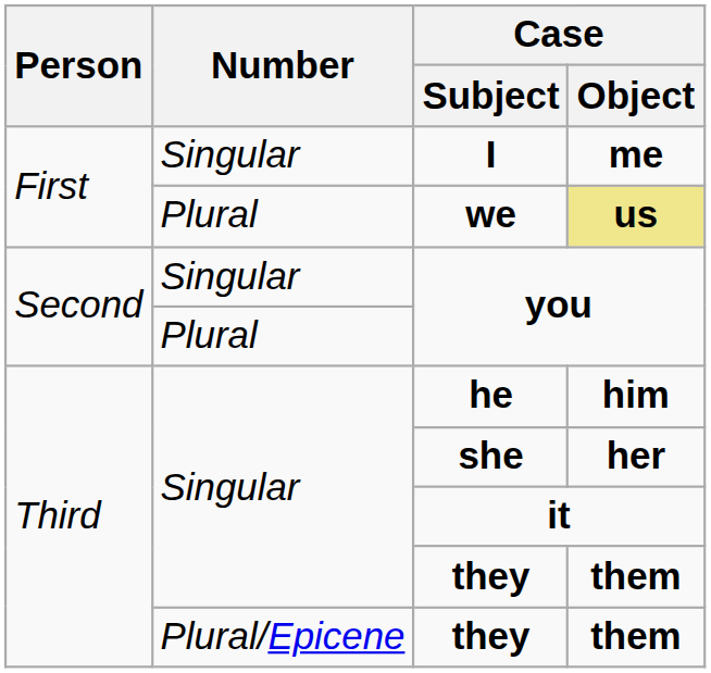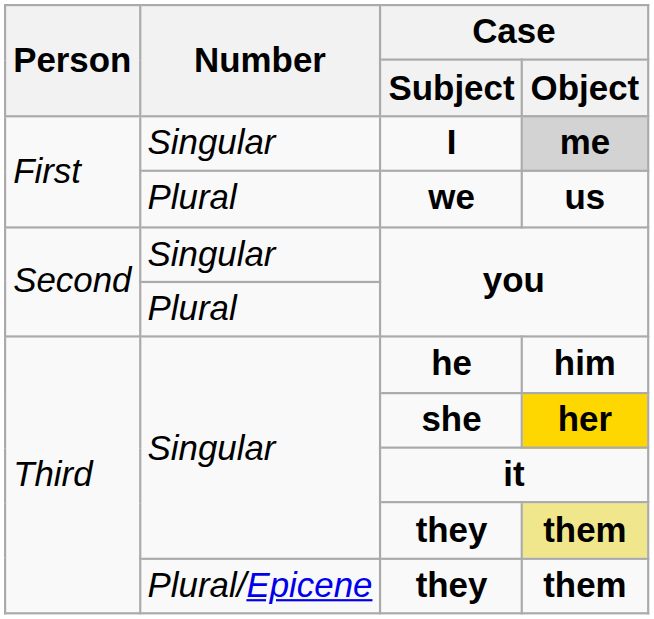 <table class="wikitable floatright" border="1">
 <tr>
 <th rowspan="2">Person</th>
 <th rowspan="2">Number</th>
 <th colspan="2">Case</th>
 </tr>
 <tr>
 <th>Subject</th>
 <th>Object</th>
 </tr>
 <tr>
 <td rowspan="2"><em>First</em></td>
 <td><em>Singular</em></td>
 <td style="text-align: center;"><strong>I</strong></td>
-<td style="text-align: center;"><strong>me</strong></td>
+<td style="background: lightgrey; text-align: center;"><strong>me</strong></td>
 </tr>
 <tr>
 <td><em>Plural</em></td>
 <td style="text-align: center;"><strong>we</strong></td>
-<td style="background: khaki; text-align: center;"><strong>us</strong></td>
+<td style="text-align: center;"><strong>us</strong></td>
 </tr>
 <tr>
 <td rowspan="2"><em>Second</em></td>
 <td><em>Singular</em></td>
 <td colspan="2" rowspan="2" style="text-align: center;"><strong>you</strong></td>
 </tr>
 <tr>
 <td><em>Plural</em></td>
 </tr>
 <tr>
 <td rowspan="5"><em>Third</em></td>
 <td rowspan="4"><em>Singular</em></td>
 <td style="text-align: center;"><strong>he</strong></td>
 <td style="text-align: center;"><strong>him</strong></td>
 </tr>
 <tr>
 <td style="text-align: center;"><strong>she</strong></td>
-<td style="text-align: center;"><strong>her</strong></td>
+<td style="background: gold; text-align: center;"><strong>her</strong></td>
 </tr>
 <tr>
 <td colspan="2" style="text-align: center;"><strong>it</strong></td>
 </tr>
 <tr>
 <td style="text-align: center;"><strong>they</strong></td>
-<td style="text-align: center;"><strong>them</strong></td>
+<td style="background: khaki; text-align: center;"><strong>them</strong></td>
 </tr>
 <tr>
 <td><em>Plural/<a href='#'>Epicene</a></em></td>
 <td style="text-align: center;"><strong>they</strong></td>
 <td style="text-align: center;"><strong>them</strong></td>
 </tr>
 </table>
